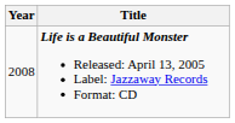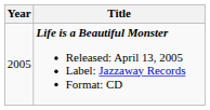 <table class="wikitable">
 <tr>
 <th>Year</th>
 <th style="width:225px;">Title</th>
 </tr>
 <tr>
-<td>2008</td>
+<td>2005</td>
 <td><strong><em>Life is a Beautiful Monster</em></strong><br><ul><li>Released: April 13, 2005</li><li>Label: <a href='#'>Jazzaway Records</a> </li><li>Format: CD</li></ul></td>
 </tr>
 </table>
